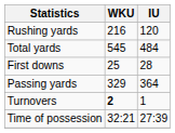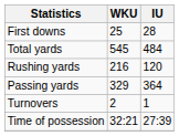 <table class="wikitable">
 <tr>
 <th>Statistics</th>
 <th>WKU</th>
 <th>IU</th>
 </tr>
 <tr>
-<td>Rushing yards</td>
-<td>216</td>
-<td>120</td>
+<td>First downs</td>
+<td>25</td>
+<td>28</td>
 </tr>
 <tr>
 <td>Total yards</td>
 <td>545</td>
 <td>484</td>
 </tr>
 <tr>
-<td>First downs</td>
-<td>25</td>
-<td>28</td>
+<td>Rushing yards</td>
+<td>216</td>
+<td>120</td>
 </tr>
 <tr>
 <td>Passing yards</td>
 <td>329</td>
 <td>364</td>
 </tr>
 <tr>
 <td>Turnovers</td>
-<td><strong>2</strong></td>
+<td>2</td>
 <td>1</td>
 </tr>
 <tr>
 <td>Time of possession</td>
 <td>32:21</td>
 <td>27:39</td>
 </tr>
 <tr>
 </tr>
 </table>
